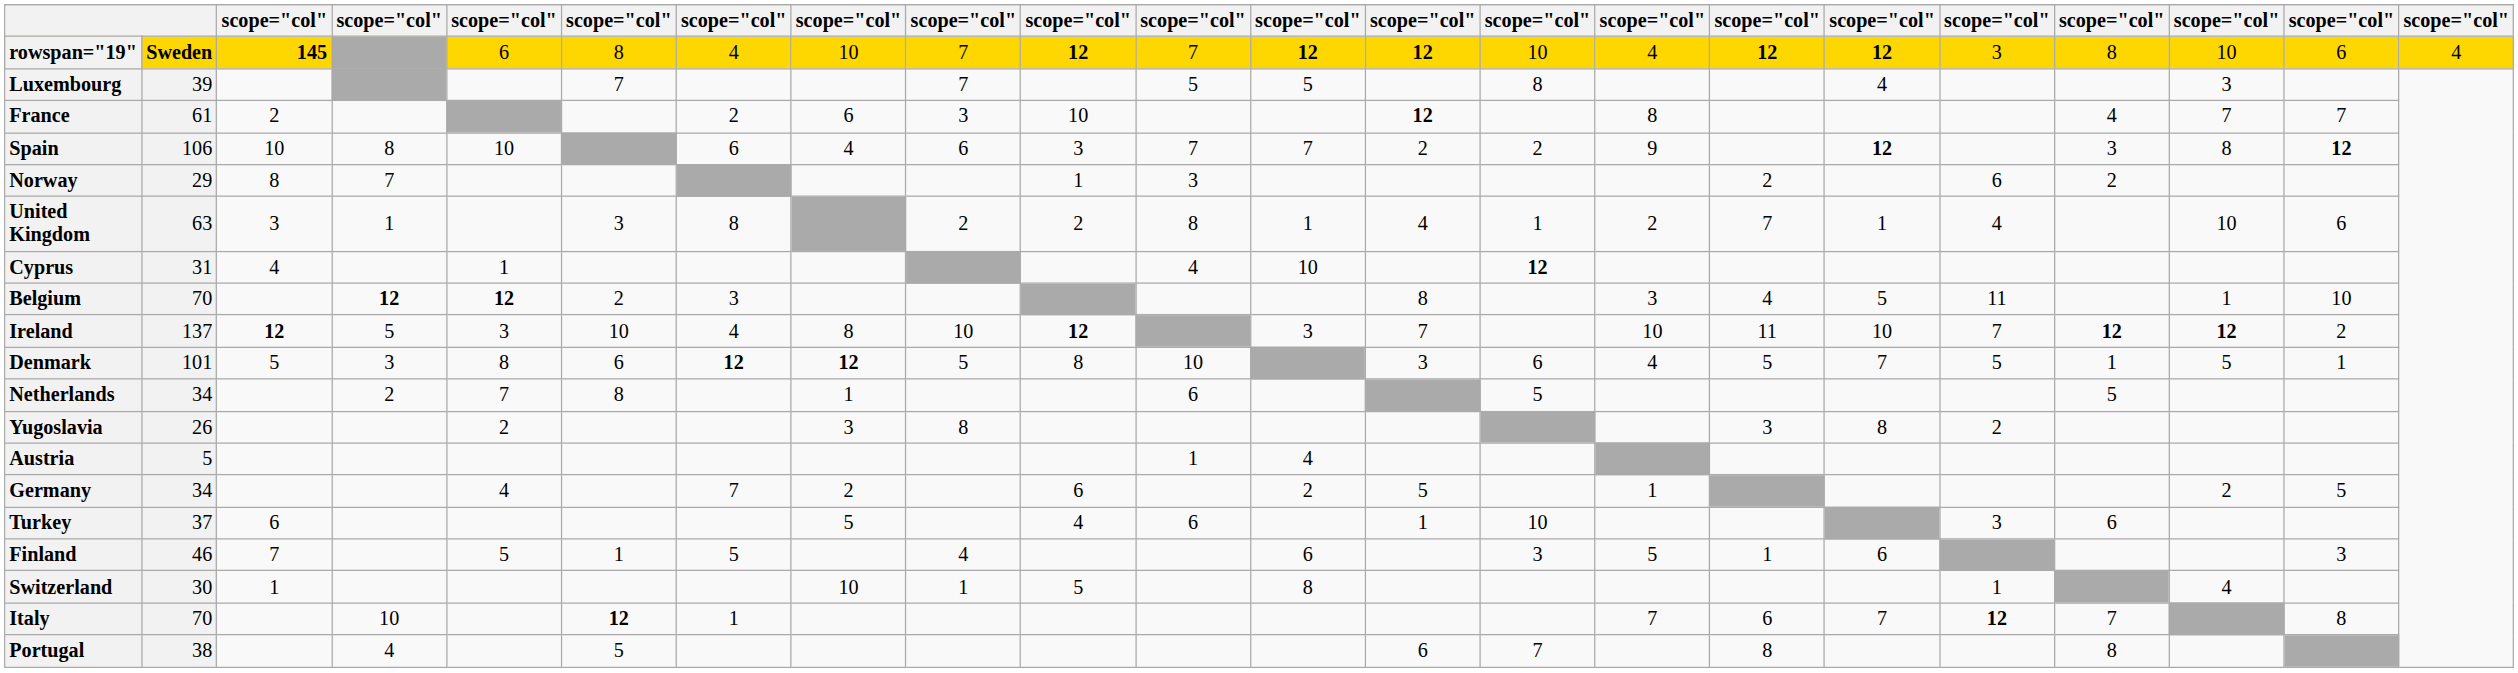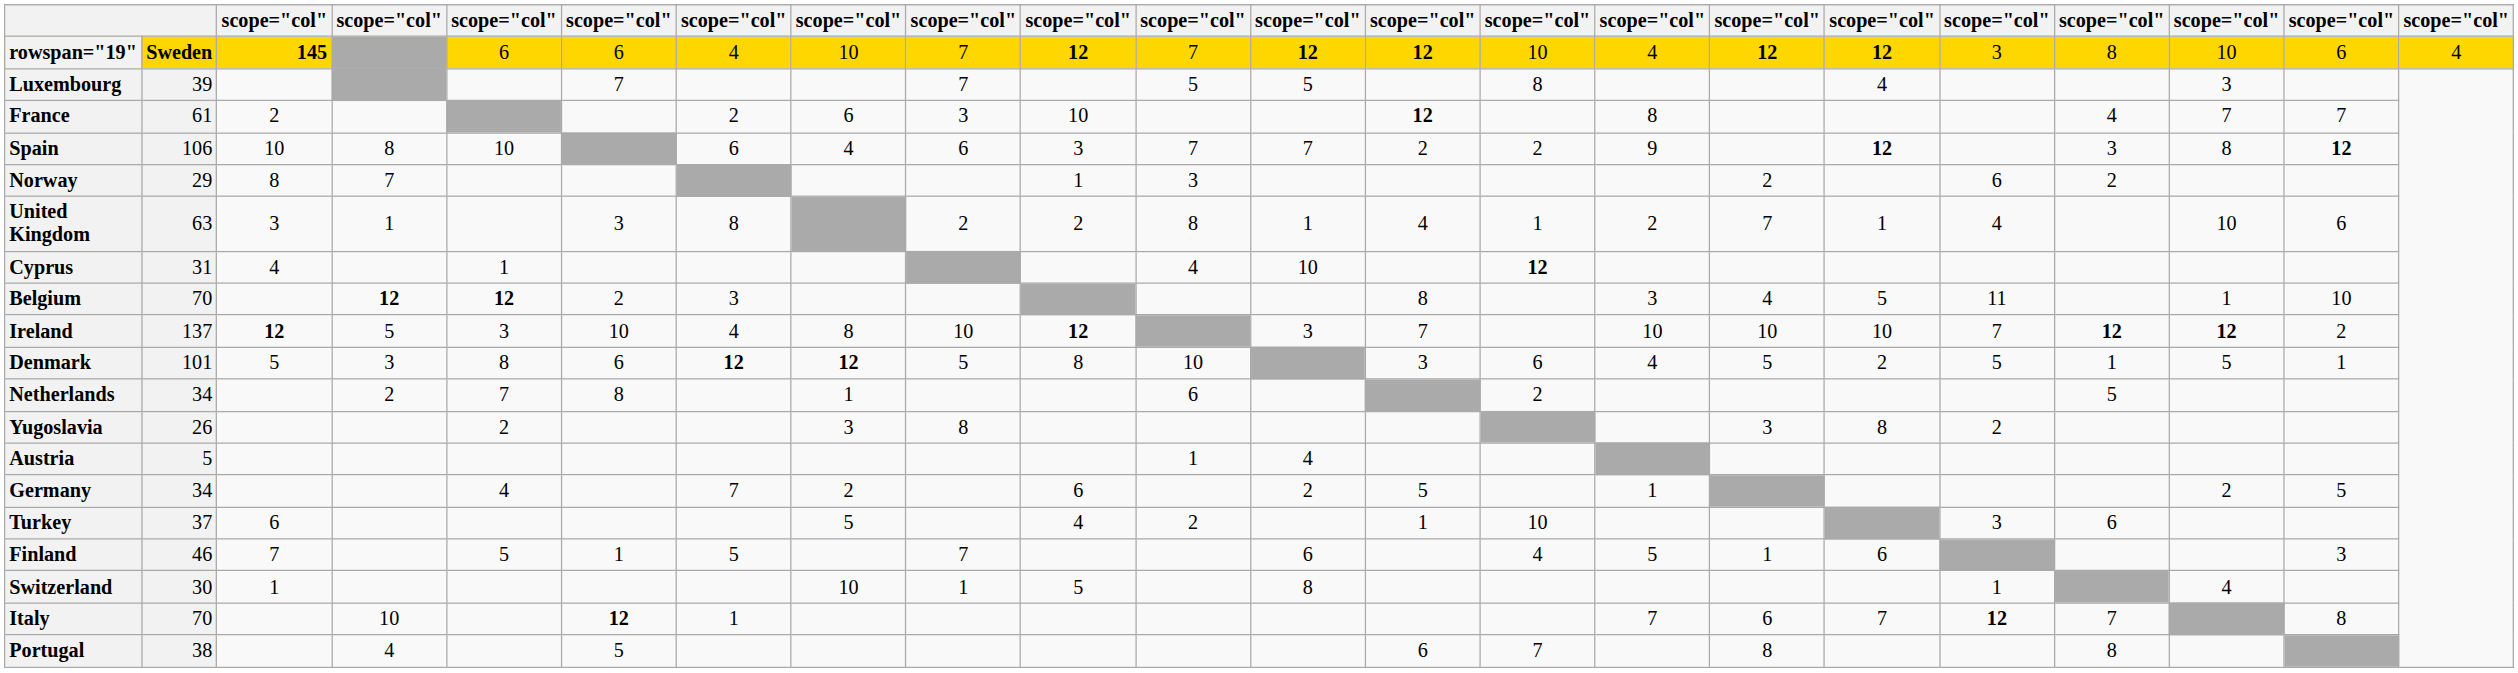 <table class="wikitable plainrowheaders" style="text-align:center;">
 <tr>
 </tr>
 <tr>
 <th colspan="2"></th>
 <th>scope="col" </th>
 <th>scope="col" </th>
 <th>scope="col" </th>
 <th>scope="col" </th>
 <th>scope="col" </th>
 <th>scope="col" </th>
 <th>scope="col" </th>
 <th>scope="col" </th>
 <th>scope="col" </th>
 <th>scope="col" </th>
 <th>scope="col" </th>
 <th>scope="col" </th>
 <th>scope="col" </th>
 <th>scope="col" </th>
 <th>scope="col" </th>
 <th>scope="col" </th>
 <th>scope="col" </th>
 <th>scope="col" </th>
 <th>scope="col" </th>
 <th>scope="col" </th>
 </tr>
 <tr style="background:gold;">
 <th>rowspan="19" </th>
 <th scope="row" style="text-align:left; font-weight:bold; background:gold;">Sweden</th>
 <td style="text-align:right; font-weight:bold;">145</td>
 <td style="text-align:left; background:#aaaaaa;"></td>
 <td>6</td>
-<td>8</td>
+<td>6</td>
 <td>4</td>
 <td>10</td>
 <td>7</td>
 <td><strong>12</strong></td>
 <td>7</td>
 <td><strong>12</strong></td>
 <td><strong>12</strong></td>
 <td>10</td>
 <td>4</td>
 <td><strong>12</strong></td>
 <td><strong>12</strong></td>
 <td>3</td>
 <td>8</td>
 <td>10</td>
 <td>6</td>
 <td>4</td>
 </tr>
 <tr>
 <th scope="row" style="text-align:left; background:#f2f2f2;">Luxembourg</th>
 <td style="text-align:right; background:#f2f2f2;">39</td>
 <td></td>
 <td style="text-align:left; background:#aaaaaa;"></td>
 <td></td>
 <td>7</td>
 <td></td>
 <td></td>
 <td>7</td>
 <td></td>
 <td>5</td>
 <td>5</td>
 <td></td>
 <td>8</td>
 <td></td>
 <td></td>
 <td>4</td>
 <td></td>
 <td></td>
 <td>3</td>
 <td></td>
 </tr>
 <tr>
 <th scope="row" style="text-align:left; background:#f2f2f2;">France</th>
 <td style="text-align:right; background:#f2f2f2;">61</td>
 <td>2</td>
 <td></td>
 <td style="text-align:left; background:#aaaaaa;"></td>
 <td></td>
 <td>2</td>
 <td>6</td>
 <td>3</td>
 <td>10</td>
 <td></td>
 <td></td>
 <td><strong>12</strong></td>
 <td></td>
 <td>8</td>
 <td></td>
 <td></td>
 <td></td>
 <td>4</td>
 <td>7</td>
 <td>7</td>
 </tr>
 <tr>
 <th scope="row" style="text-align:left; background:#f2f2f2;">Spain</th>
 <td style="text-align:right; background:#f2f2f2;">106</td>
 <td>10</td>
 <td>8</td>
 <td>10</td>
 <td style="text-align:left; background:#aaaaaa;"></td>
 <td>6</td>
 <td>4</td>
 <td>6</td>
 <td>3</td>
 <td>7</td>
 <td>7</td>
 <td>2</td>
 <td>2</td>
 <td>9</td>
 <td></td>
 <td><strong>12</strong></td>
 <td></td>
 <td>3</td>
 <td>8</td>
 <td><strong>12</strong></td>
 </tr>
 <tr>
 <th scope="row" style="text-align:left; background:#f2f2f2;">Norway</th>
 <td style="text-align:right; background:#f2f2f2;">29</td>
 <td>8</td>
 <td>7</td>
 <td></td>
 <td></td>
 <td style="text-align:left; background:#aaaaaa;"></td>
 <td></td>
 <td></td>
 <td>1</td>
 <td>3</td>
 <td></td>
 <td></td>
 <td></td>
 <td></td>
 <td>2</td>
 <td></td>
 <td>6</td>
 <td>2</td>
 <td></td>
 <td></td>
 </tr>
 <tr>
 <th scope="row" style="text-align:left; background:#f2f2f2;">United Kingdom</th>
 <td style="text-align:right; background:#f2f2f2;">63</td>
 <td>3</td>
 <td>1</td>
 <td></td>
 <td>3</td>
 <td>8</td>
 <td style="text-align:left; background:#aaaaaa;"></td>
 <td>2</td>
 <td>2</td>
 <td>8</td>
 <td>1</td>
 <td>4</td>
 <td>1</td>
 <td>2</td>
 <td>7</td>
 <td>1</td>
 <td>4</td>
 <td></td>
 <td>10</td>
 <td>6</td>
 </tr>
 <tr>
 <th scope="row" style="text-align:left; background:#f2f2f2;">Cyprus</th>
 <td style="text-align:right; background:#f2f2f2;">31</td>
 <td>4</td>
 <td></td>
 <td>1</td>
 <td></td>
 <td></td>
 <td></td>
 <td style="text-align:left; background:#aaaaaa;"></td>
 <td></td>
 <td>4</td>
 <td>10</td>
 <td></td>
 <td><strong>12</strong></td>
 <td></td>
 <td></td>
 <td></td>
 <td></td>
 <td></td>
 <td></td>
 <td></td>
 </tr>
 <tr>
 <th scope="row" style="text-align:left; background:#f2f2f2;">Belgium</th>
 <td style="text-align:right; background:#f2f2f2;">70</td>
 <td></td>
 <td><strong>12</strong></td>
 <td><strong>12</strong></td>
 <td>2</td>
 <td>3</td>
 <td></td>
 <td></td>
 <td style="text-align:left; background:#aaaaaa;"></td>
 <td></td>
 <td></td>
 <td>8</td>
 <td></td>
 <td>3</td>
 <td>4</td>
 <td>5</td>
 <td>11</td>
 <td></td>
 <td>1</td>
 <td>10</td>
 </tr>
 <tr>
 <th scope="row" style="text-align:left; background:#f2f2f2;">Ireland</th>
 <td style="text-align:right; background:#f2f2f2;">137</td>
 <td><strong>12</strong></td>
 <td>5</td>
 <td>3</td>
 <td>10</td>
 <td>4</td>
 <td>8</td>
 <td>10</td>
 <td><strong>12</strong></td>
 <td style="text-align:left; background:#aaaaaa;"></td>
 <td>3</td>
 <td>7</td>
 <td></td>
 <td>10</td>
-<td>11</td>
+<td>10</td>
 <td>10</td>
 <td>7</td>
 <td><strong>12</strong></td>
 <td><strong>12</strong></td>
 <td>2</td>
 </tr>
 <tr>
 <th scope="row" style="text-align:left; background:#f2f2f2;">Denmark</th>
 <td style="text-align:right; background:#f2f2f2;">101</td>
 <td>5</td>
 <td>3</td>
 <td>8</td>
 <td>6</td>
 <td><strong>12</strong></td>
 <td><strong>12</strong></td>
 <td>5</td>
 <td>8</td>
 <td>10</td>
 <td style="text-align:left; background:#aaaaaa;"></td>
 <td>3</td>
 <td>6</td>
 <td>4</td>
 <td>5</td>
-<td>7</td>
+<td>2</td>
 <td>5</td>
 <td>1</td>
 <td>5</td>
 <td>1</td>
 </tr>
 <tr>
 <th scope="row" style="text-align:left; background:#f2f2f2;">Netherlands</th>
 <td style="text-align:right; background:#f2f2f2;">34</td>
 <td></td>
 <td>2</td>
 <td>7</td>
 <td>8</td>
 <td></td>
 <td>1</td>
 <td></td>
 <td></td>
 <td>6</td>
 <td></td>
 <td style="text-align:left; background:#aaaaaa;"></td>
-<td>5</td>
+<td>2</td>
 <td></td>
 <td></td>
 <td></td>
 <td></td>
 <td>5</td>
 <td></td>
 <td></td>
 </tr>
 <tr>
 <th scope="row" style="text-align:left; background:#f2f2f2;">Yugoslavia</th>
 <td style="text-align:right; background:#f2f2f2;">26</td>
 <td></td>
 <td></td>
 <td>2</td>
 <td></td>
 <td></td>
 <td>3</td>
 <td>8</td>
 <td></td>
 <td></td>
 <td></td>
 <td></td>
 <td style="text-align:left; background:#aaaaaa;"></td>
 <td></td>
 <td>3</td>
 <td>8</td>
 <td>2</td>
 <td></td>
 <td></td>
 <td></td>
 </tr>
 <tr>
 <th scope="row" style="text-align:left; background:#f2f2f2;">Austria</th>
 <td style="text-align:right; background:#f2f2f2;">5</td>
 <td></td>
 <td></td>
 <td></td>
 <td></td>
 <td></td>
 <td></td>
 <td></td>
 <td></td>
 <td>1</td>
 <td>4</td>
 <td></td>
 <td></td>
 <td style="text-align:left; background:#aaaaaa;"></td>
 <td></td>
 <td></td>
 <td></td>
 <td></td>
 <td></td>
 <td></td>
 </tr>
 <tr>
 <th scope="row" style="text-align:left; background:#f2f2f2;">Germany</th>
 <td style="text-align:right; background:#f2f2f2;">34</td>
 <td></td>
 <td></td>
 <td>4</td>
 <td></td>
 <td>7</td>
 <td>2</td>
 <td></td>
 <td>6</td>
 <td></td>
 <td>2</td>
 <td>5</td>
 <td></td>
 <td>1</td>
 <td style="text-align:left; background:#aaaaaa;"></td>
 <td></td>
 <td></td>
 <td></td>
 <td>2</td>
 <td>5</td>
 </tr>
 <tr>
 <th scope="row" style="text-align:left; background:#f2f2f2;">Turkey</th>
 <td style="text-align:right; background:#f2f2f2;">37</td>
 <td>6</td>
 <td></td>
 <td></td>
 <td></td>
 <td></td>
 <td>5</td>
 <td></td>
 <td>4</td>
-<td>6</td>
+<td>2</td>
 <td></td>
 <td>1</td>
 <td>10</td>
 <td></td>
 <td></td>
 <td style="text-align:left; background:#aaaaaa;"></td>
 <td>3</td>
 <td>6</td>
 <td></td>
 <td></td>
 </tr>
 <tr>
 <th scope="row" style="text-align:left; background:#f2f2f2;">Finland</th>
 <td style="text-align:right; background:#f2f2f2;">46</td>
 <td>7</td>
 <td></td>
 <td>5</td>
 <td>1</td>
 <td>5</td>
 <td></td>
-<td>4</td>
+<td>7</td>
 <td></td>
 <td></td>
 <td>6</td>
 <td></td>
-<td>3</td>
+<td>4</td>
 <td>5</td>
 <td>1</td>
 <td>6</td>
 <td style="text-align:left; background:#aaaaaa;"></td>
 <td></td>
 <td></td>
 <td>3</td>
 </tr>
 <tr>
 <th scope="row" style="text-align:left; background:#f2f2f2;">Switzerland</th>
 <td style="text-align:right; background:#f2f2f2;">30</td>
 <td>1</td>
 <td></td>
 <td></td>
 <td></td>
 <td></td>
 <td>10</td>
 <td>1</td>
 <td>5</td>
 <td></td>
 <td>8</td>
 <td></td>
 <td></td>
 <td></td>
 <td></td>
 <td></td>
 <td>1</td>
 <td style="text-align:left; background:#aaaaaa;"></td>
 <td>4</td>
 <td></td>
 </tr>
 <tr>
 <th scope="row" style="text-align:left; background:#f2f2f2;">Italy</th>
 <td style="text-align:right; background:#f2f2f2;">70</td>
 <td></td>
 <td>10</td>
 <td></td>
 <td><strong>12</strong></td>
 <td>1</td>
 <td></td>
 <td></td>
 <td></td>
 <td></td>
 <td></td>
 <td></td>
 <td></td>
 <td>7</td>
 <td>6</td>
 <td>7</td>
 <td><strong>12</strong></td>
 <td>7</td>
 <td style="text-align:left; background:#aaaaaa;"></td>
 <td>8</td>
 </tr>
 <tr>
 <th scope="row" style="text-align:left; background:#f2f2f2;">Portugal</th>
 <td style="text-align:right; background:#f2f2f2;">38</td>
 <td></td>
 <td>4</td>
 <td></td>
 <td>5</td>
 <td></td>
 <td></td>
 <td></td>
 <td></td>
 <td></td>
 <td></td>
 <td>6</td>
 <td>7</td>
 <td></td>
 <td>8</td>
 <td></td>
 <td></td>
 <td>8</td>
 <td></td>
 <td style="text-align:left; background:#aaaaaa;"></td>
 </tr>
 </table>
